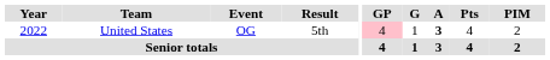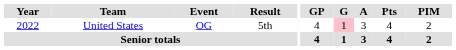 <table border="0" cellpadding="1" cellspacing="0" ID="Table3" style="text-align:center; width:40em;">
 <tr bgcolor="#e0e0e0">
 <th>Year</th>
 <th>Team</th>
 <th>Event</th>
 <th>Result</th>
 <th rowspan="98" bgcolor="#ffffff"></th>
 <th>GP</th>
 <th>G</th>
 <th>A</th>
 <th>Pts</th>
 <th>PIM</th>
 </tr>
 <tr>
 <td><a href='#'>2022</a></td>
 <td><a href='#'>United States</a></td>
 <td><a href='#'>OG</a></td>
 <td>5th</td>
-<td style="background: pink;">4</td>
-<td>1</td>
-<td><strong>3</strong></td>
+<td>4</td>
+<td style="background: pink;">1</td>
+<td>3</td>
 <td>4</td>
 <td>2</td>
 </tr>
 <tr bgcolor="#e0e0e0">
 <th colspan="4">Senior totals</th>
 <th>4</th>
 <th>1</th>
 <th>3</th>
 <th>4</th>
 <th>2</th>
 </tr>
 </table>
